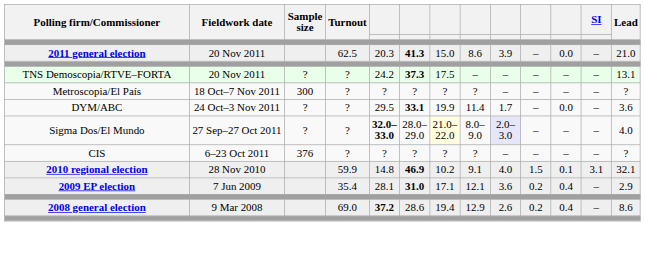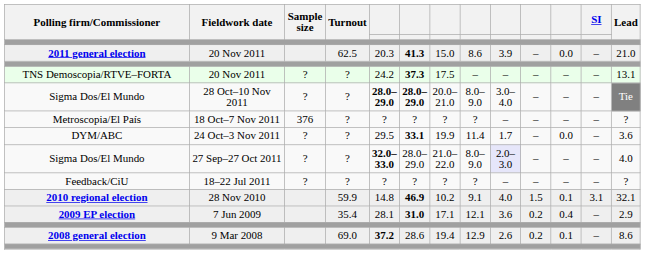 <table class="wikitable collapsible collapsed" style="text-align:center; font-size:95%; line-height:16px;">
 <tr style="height:42px;">
 <th style="width:250px;" rowspan="2">Polling firm/Commissioner</th>
 <th style="width:125px;" rowspan="2">Fieldwork date</th>
 <th style="width:50px;" rowspan="2">Sample size</th>
 <th style="width:45px;" rowspan="2">Turnout</th>
 <th style="width:35px;"></th>
 <th style="width:35px;"></th>
 <th style="width:35px;"></th>
 <th style="width:35px;"></th>
 <th style="width:35px;"></th>
 <th style="width:35px;"></th>
 <th style="width:35px;"></th>
 <th style="width:35px;"><a href='#'>SI</a></th>
 <th style="width:30px;" rowspan="2">Lead</th>
 </tr>
 <tr>
 <th style="color:inherit;background:"></th>
 <th style="color:inherit;background:"></th>
 <th style="color:inherit;background:"></th>
 <th style="color:inherit;background:"></th>
 <th style="color:inherit;background:"></th>
 <th style="color:inherit;background:"></th>
 <th style="color:inherit;background:"></th>
 <th style="color:inherit;background:"></th>
 </tr>
 <tr>
 <td colspan="13" style="background:#A0A0A0"></td>
 </tr>
 <tr style="background:#EFEFEF;">
 <td><strong><a href='#'>2011 general election</a></strong></td>
 <td>20 Nov 2011</td>
 <td></td>
 <td>62.5</td>
 <td>20.3<br></td>
 <td><strong>41.3</strong><br></td>
 <td>15.0<br></td>
 <td>8.6<br></td>
 <td>3.9<br></td>
 <td>–</td>
 <td>0.0<br></td>
 <td>–</td>
 <td style="background:">21.0</td>
 </tr>
 <tr>
 <td colspan="13" style="background:#A0A0A0"></td>
 </tr>
 <tr style="background:#EAFFEA;">
 <td>TNS Demoscopia/RTVE–FORTA</td>
 <td>20 Nov 2011</td>
 <td>?</td>
 <td>?</td>
 <td>24.2<br></td>
 <td><strong>37.3</strong><br></td>
 <td>17.5<br></td>
 <td>–</td>
 <td>–</td>
 <td>–</td>
 <td>–</td>
 <td>–</td>
 <td style="background:">13.1</td>
 </tr>
 <tr>
+<td>Sigma Dos/El Mundo</td>
+<td>28 Oct–10 Nov 2011</td>
+<td>?</td>
+<td>?</td>
+<td><strong>28.0–<br>29.0</strong><br></td>
+<td><strong>28.0–<br>29.0</strong><br></td>
+<td>20.0–<br>21.0<br></td>
+<td>8.0–<br>9.0<br></td>
+<td>3.0–<br>4.0<br></td>
+<td>–</td>
+<td>–</td>
+<td>–</td>
+<td style="background:gray; color:white;">Tie</td>
+</tr>
+<tr>
 <td>Metroscopia/El País</td>
 <td>18 Oct–7 Nov 2011</td>
-<td>300</td>
+<td>376</td>
 <td>?</td>
 <td>?<br></td>
 <td>?<br></td>
 <td>?<br></td>
 <td>?<br></td>
 <td>–</td>
 <td>–</td>
 <td>–</td>
 <td>–</td>
 <td style="background:">?</td>
 </tr>
 <tr>
 <td>DYM/ABC</td>
 <td>24 Oct–3 Nov 2011</td>
 <td>?</td>
 <td>?</td>
 <td>29.5<br></td>
 <td><strong>33.1</strong><br></td>
 <td>19.9<br></td>
 <td>11.4<br></td>
 <td>1.7<br></td>
 <td>–</td>
 <td>0.0<br></td>
 <td>–</td>
 <td style="background:">3.6</td>
 </tr>
 <tr>
 <td>Sigma Dos/El Mundo</td>
 <td>27 Sep–27 Oct 2011</td>
 <td>?</td>
 <td>?</td>
 <td><strong>32.0–<br>33.0</strong><br></td>
 <td>28.0–<br>29.0<br></td>
-<td style="background: lightyellow;">21.0–<br>22.0<br></td>
+<td>21.0–<br>22.0<br></td>
 <td>8.0–<br>9.0<br></td>
 <td style="background: lavender;">2.0–<br>3.0<br></td>
 <td>–</td>
 <td>–</td>
 <td>–</td>
 <td style="background:">4.0</td>
 </tr>
 <tr>
-<td>CIS</td>
-<td>6–23 Oct 2011</td>
-<td>376</td>
+<td>Feedback/CiU</td>
+<td>18–22 Jul 2011</td>
+<td>?</td>
 <td>?</td>
 <td>?<br></td>
 <td>?<br></td>
 <td>?<br></td>
 <td>?<br></td>
 <td>–</td>
 <td>–</td>
 <td>–</td>
 <td>–</td>
 <td style="background:">?</td>
 </tr>
 <tr style="background:#EFEFEF;">
 <td><strong><a href='#'>2010 regional election</a></strong></td>
 <td>28 Nov 2010</td>
 <td></td>
 <td>59.9</td>
 <td>14.8<br></td>
 <td><strong>46.9</strong><br></td>
 <td>10.2<br></td>
 <td>9.1<br></td>
 <td>4.0<br></td>
 <td>1.5<br></td>
 <td>0.1<br></td>
 <td>3.1<br></td>
 <td style="background:">32.1</td>
 </tr>
 <tr style="background:#EFEFEF;">
 <td><strong><a href='#'>2009 EP election</a></strong></td>
 <td>7 Jun 2009</td>
 <td></td>
 <td>35.4</td>
 <td>28.1<br></td>
 <td><strong>31.0</strong><br></td>
 <td>17.1<br></td>
 <td>12.1<br></td>
 <td>3.6<br></td>
 <td>0.2<br></td>
 <td>0.4<br></td>
 <td>–</td>
 <td style="background:">2.9</td>
 </tr>
 <tr>
 <td colspan="13" style="background:#A0A0A0"></td>
 </tr>
 <tr style="background:#EFEFEF;">
 <td><strong><a href='#'>2008 general election</a></strong></td>
 <td>9 Mar 2008</td>
 <td></td>
 <td>69.0</td>
 <td><strong>37.2</strong><br></td>
 <td>28.6<br></td>
 <td>19.4<br></td>
 <td>12.9<br></td>
 <td>2.6<br></td>
 <td>0.2<br></td>
-<td>0.4<br></td>
+<td>0.1<br></td>
 <td>–</td>
 <td style="background:">8.6</td>
 </tr>
 <tr>
 <td colspan="13" style="background:#A0A0A0"></td>
 </tr>
 </table>
